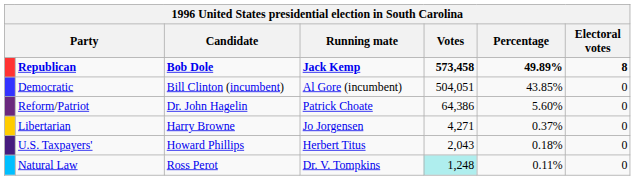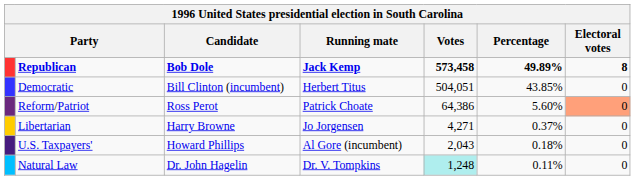 <table class="wikitable" style="font-size: 95%;">
 <tr>
 <th colspan="7">1996 United States presidential election in South Carolina</th>
 </tr>
 <tr>
 <th colspan="2" style="width: 13em">Party</th>
 <th style="width: 11em">Candidate</th>
 <th style="width: 10em">Running mate</th>
 <th style="width: 4em">Votes</th>
 <th style="width: 7em">Percentage</th>
 <th style="width: 5em">Electoral votes</th>
 </tr>
 <tr>
 <th style="background-color:#FF3333; width: 3px"></th>
 <td style="width: 130px"><strong><a href='#'>Republican</a></strong></td>
 <td><strong><a href='#'>Bob Dole</a></strong></td>
 <td><strong><a href='#'>Jack Kemp</a></strong></td>
 <td align="right"><strong>573,458</strong></td>
 <td align="right"><strong>49.89%</strong></td>
 <td align="right"><strong>8</strong></td>
 </tr>
 <tr>
 <th style="background-color:#3333FF; width: 3px"></th>
 <td style="width: 130px"><a href='#'>Democratic</a></td>
 <td><a href='#'>Bill Clinton</a> (<a href='#'>incumbent</a>)</td>
-<td><a href='#'>Al Gore</a> (incumbent)</td>
+<td><a href='#'>Herbert Titus</a></td>
 <td align="right">504,051</td>
 <td align="right">43.85%</td>
 <td align="right">0</td>
 </tr>
 <tr>
 <th style="background-color:#6A287E; width: 3px"></th>
 <td style="width: 130px"><a href='#'>Reform</a>/<a href='#'>Patriot</a></td>
-<td><a href='#'>Dr. John Hagelin</a></td>
+<td><a href='#'>Ross Perot</a></td>
 <td><a href='#'>Patrick Choate</a></td>
 <td align="right">64,386</td>
 <td align="right">5.60%</td>
-<td align="right">0</td>
+<td align="right" style="background: lightsalmon;">0</td>
 </tr>
 <tr>
 <th style="background-color:#FFCC00; width: 3px"></th>
 <td style="width: 130px"><a href='#'>Libertarian</a></td>
 <td><a href='#'>Harry Browne</a></td>
 <td><a href='#'>Jo Jorgensen</a></td>
 <td align="right">4,271</td>
 <td align="right">0.37%</td>
 <td align="right">0</td>
 </tr>
 <tr>
 <th style="background-color:#461B7E; width: 3px"></th>
 <td style="width: 130px"><a href='#'>U.S. Taxpayers'</a></td>
 <td><a href='#'>Howard Phillips</a></td>
-<td><a href='#'>Herbert Titus</a></td>
+<td><a href='#'>Al Gore</a> (incumbent)</td>
 <td align="right">2,043</td>
 <td align="right">0.18%</td>
 <td align="right">0</td>
 </tr>
 <tr>
 <th style="background-color:#00BFFF; width: 3px"></th>
 <td style="width: 130px"><a href='#'>Natural Law</a></td>
-<td><a href='#'>Ross Perot</a></td>
+<td><a href='#'>Dr. John Hagelin</a></td>
 <td><a href='#'>Dr. V. Tompkins</a></td>
 <td align="right" style="background: paleturquoise;">1,248</td>
 <td align="right">0.11%</td>
 <td align="right">0</td>
 </tr>
 </table>
